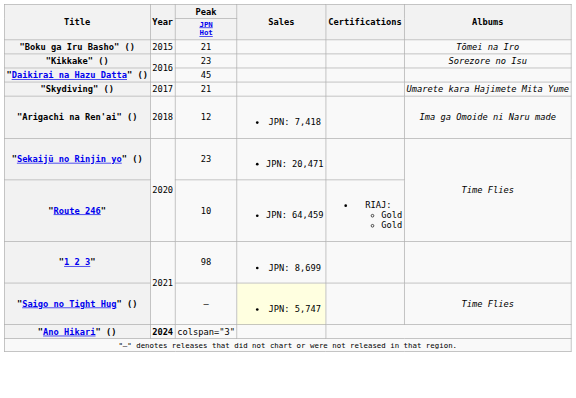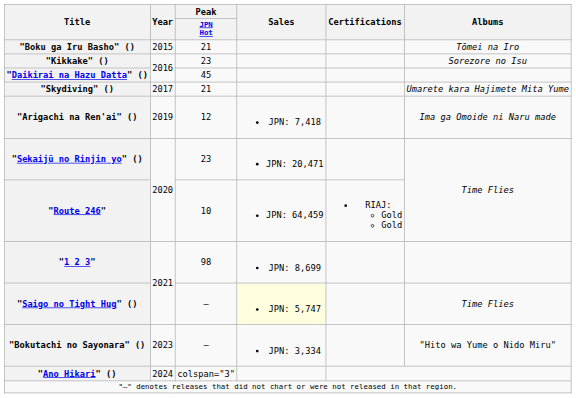 <table class="wikitable plainrowheaders" style="text-align:center;">
 <tr>
 <th scope="col" rowspan="2">Title</th>
 <th scope="col" rowspan="2">Year</th>
 <th scope="col" colspan="1">Peak</th>
 <th scope="col" rowspan="2">Sales</th>
 <th scope="col" rowspan="2">Certifications</th>
 <th scope="col" rowspan="2">Albums</th>
 </tr>
 <tr>
 <th style="width:2.7em;font-size:85%;"><a href='#'>JPN<br>Hot</a><br></th>
 </tr>
 <tr>
 <th scope="row">"Boku ga Iru Basho" ()</th>
 <td>2015</td>
 <td>21</td>
 <td></td>
 <td></td>
 <td><em>Tōmei na Iro</em></td>
 </tr>
 <tr>
 <th scope="row">"Kikkake" ()</th>
 <td rowspan="2">2016</td>
 <td>23</td>
 <td></td>
 <td></td>
 <td><em>Sorezore no Isu</em></td>
 </tr>
 <tr>
 <th scope="row">"<a href='#'>Daikirai na Hazu Datta</a>" ()<br></th>
 <td>45</td>
 <td></td>
 <td></td>
 <td></td>
 </tr>
 <tr>
 <th scope="row">"Skydiving" ()</th>
 <td>2017</td>
 <td>21</td>
 <td></td>
 <td></td>
 <td><em>Umarete kara Hajimete Mita Yume</em></td>
 </tr>
 <tr>
 <th scope="row">"Arigachi na Ren'ai" ()</th>
-<td>2018</td>
+<td>2019</td>
 <td>12</td>
 <td><br><ul><li>JPN: 7,418</li></ul></td>
 <td></td>
 <td><em>Ima ga Omoide ni Naru made</em></td>
 </tr>
 <tr>
 <th scope="row">"<a href='#'>Sekaijū no Rinjin yo</a>" ()</th>
 <td rowspan="2">2020</td>
 <td>23</td>
 <td><br><ul><li>JPN: 20,471</li></ul></td>
 <td></td>
 <td rowspan="2"><em>Time Flies</em></td>
 </tr>
 <tr>
 <th scope="row">"<a href='#'>Route 246</a>"</th>
 <td>10</td>
 <td><br><ul><li>JPN: 64,459</li></ul></td>
 <td><br><ul><li>RIAJ:<ul><li>Gold </li><li>Gold </li></ul></li></ul></td>
 </tr>
 <tr>
 <th scope="row">"<a href='#'>1 2 3</a>"<br></th>
 <td rowspan="2">2021</td>
 <td>98</td>
 <td><br><ul><li>JPN: 8,699</li></ul></td>
 <td></td>
 <td></td>
 </tr>
 <tr>
 <th scope="row">"<a href='#'>Saigo no Tight Hug</a>" ()</th>
 <td>—</td>
 <td style="background: lightyellow;"><br><ul><li>JPN: 5,747</li></ul></td>
 <td></td>
 <td><em>Time Flies</em></td>
 </tr>
 <tr>
+<th scope="row">"Bokutachi no Sayonara" ()</th>
+<td>2023</td>
+<td>—</td>
+<td><br><ul><li>JPN: 3,334</li></ul></td>
+<td></td>
+<td>"Hito wa Yume o Nido Miru"</td>
+</tr>
+<tr>
 <th scope="row">"<a href='#'>Ano Hikari</a>" ()</th>
-<td><strong>2024</strong></td>
+<td>2024</td>
 <td>colspan="3" </td>
 <td></td>
 </tr>
 <tr>
 <td colspan="6" style="font-size:85%">"—" denotes releases that did not chart or were not released in that region.</td>
 </tr>
 </table>
